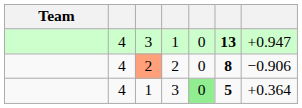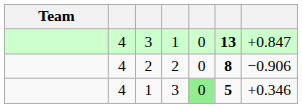 <table class="wikitable" style="text-align:center">
 <tr>
 <th style="width:100px;">Team</th>
 <th width="20"></th>
 <th width="20"></th>
 <th width="20"></th>
 <th width="20"></th>
 <th width="20"></th>
 <th width="50"><a href='#'></a></th>
 </tr>
 <tr style="background:#cfc;">
 <td align=left></td>
 <td>4</td>
 <td>3</td>
 <td>1</td>
 <td>0</td>
 <td><strong>13</strong></td>
-<td>+0.947</td>
+<td>+0.847</td>
 </tr>
 <tr>
 <td align=left></td>
 <td>4</td>
-<td style="background: lightsalmon;">2</td>
+<td>2</td>
 <td>2</td>
 <td>0</td>
 <td><strong>8</strong></td>
 <td>−0.906</td>
 </tr>
 <tr>
 <td align=left></td>
 <td>4</td>
 <td>1</td>
 <td>3</td>
 <td style="background: lightgreen;">0</td>
 <td><strong>5</strong></td>
-<td>+0.364</td>
+<td>+0.346</td>
 </tr>
 </table>
